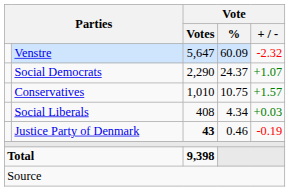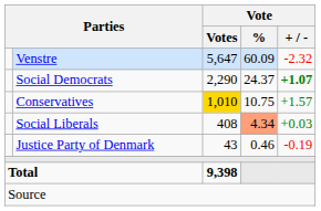 <table class="wikitable" style="text-align:right;">
 <tr>
 <th style="text-align:centre;" rowspan="2" colspan="2" width="225">Parties</th>
 <th colspan="3">Vote</th>
 </tr>
 <tr>
 <th width="15">Votes</th>
 <th width="15">%</th>
 <th width="15">+ / -</th>
 </tr>
 <tr>
 <td width="2" style="color:inherit;background:"></td>
 <td bgcolor=#cfe5fe  align="left"><a href='#'>Venstre</a></td>
 <td bgcolor=#cfe5fe>5,647</td>
 <td bgcolor=#cfe5fe>60.09</td>
 <td style=color:red;>-2.32</td>
 </tr>
 <tr>
 <td width="2" style="color:inherit;background:"></td>
 <td align="left"><a href='#'>Social Democrats</a></td>
 <td>2,290</td>
 <td>24.37</td>
-<td style=color:green;>+1.07</td>
+<td style=color:green;><strong>+1.07</strong></td>
 </tr>
 <tr>
 <td width="2" style="color:inherit;background:"></td>
 <td align="left"><a href='#'>Conservatives</a></td>
-<td>1,010</td>
+<td style="background: gold;">1,010</td>
 <td>10.75</td>
 <td style=color:green;>+1.57</td>
 </tr>
 <tr>
 <td width="2" style="color:inherit;background:"></td>
 <td align="left"><a href='#'>Social Liberals</a></td>
 <td>408</td>
-<td>4.34</td>
+<td style="background: lightsalmon;">4.34</td>
 <td style=color:green;>+0.03</td>
 </tr>
 <tr>
 <td width="2" style="color:inherit;background:"></td>
 <td align="left"><a href='#'>Justice Party of Denmark</a></td>
-<td><strong>43</strong></td>
+<td>43</td>
 <td>0.46</td>
 <td style=color:red;>-0.19</td>
 </tr>
 <tr>
 <td colspan="7" bgcolor="#E9E9E9"></td>
 </tr>
 <tr>
 <td align="left" colspan="2"><strong>Total</strong></td>
 <td><strong>9,398</strong></td>
 <td bgcolor="#E9E9E9" colspan="2"></td>
 </tr>
 <tr>
 <td align="left" colspan="6">Source</td>
 </tr>
 </table>
